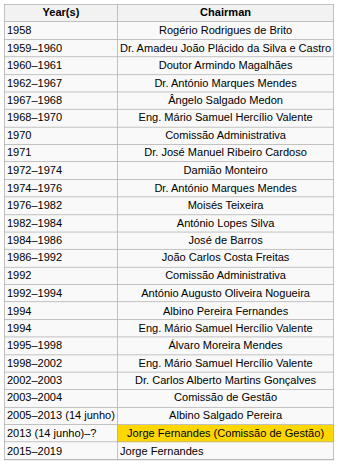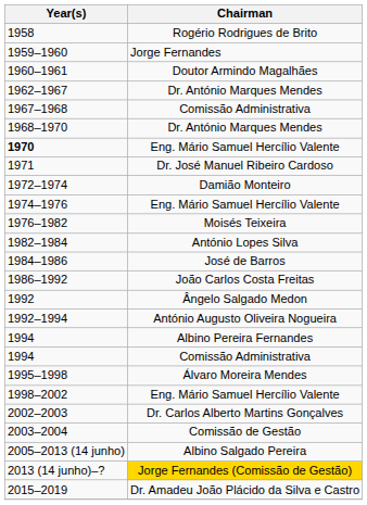 <table class="wikitable">
 <tr>
 <th>Year(s)</th>
 <th>Chairman</th>
 </tr>
 <tr>
 <td>1958</td>
 <td align=center>Rogério Rodrigues de Brito</td>
 </tr>
 <tr>
 <td>1959–1960</td>
-<td align=center>Dr. Amadeu João Plácido da Silva e Castro</td>
+<td>Jorge Fernandes</td>
 </tr>
 <tr>
 <td>1960–1961</td>
 <td align=center>Doutor Armindo Magalhães</td>
 </tr>
 <tr>
 <td>1962–1967</td>
 <td align=center>Dr. António Marques Mendes</td>
 </tr>
 <tr>
 <td>1967–1968</td>
-<td align=center>Ângelo Salgado Medon</td>
+<td align=center>Comissão Administrativa</td>
 </tr>
 <tr>
 <td>1968–1970</td>
-<td align=center>Eng. Mário Samuel Hercílio Valente</td>
+<td align=center>Dr. António Marques Mendes</td>
 </tr>
 <tr>
-<td>1970</td>
-<td align=center>Comissão Administrativa</td>
+<td><strong>1970</strong></td>
+<td align=center>Eng. Mário Samuel Hercílio Valente</td>
 </tr>
 <tr>
 <td>1971</td>
 <td align=center>Dr. José Manuel Ribeiro Cardoso</td>
 </tr>
 <tr>
 <td>1972–1974</td>
 <td align=center>Damião Monteiro</td>
 </tr>
 <tr>
 <td>1974–1976</td>
-<td align=center>Dr. António Marques Mendes</td>
+<td align=center>Eng. Mário Samuel Hercílio Valente</td>
 </tr>
 <tr>
 <td>1976–1982</td>
 <td align=center>Moisés Teixeira</td>
 </tr>
 <tr>
 <td>1982–1984</td>
 <td align=center>António Lopes Silva</td>
 </tr>
 <tr>
 <td>1984–1986</td>
 <td align=center>José de Barros</td>
 </tr>
 <tr>
 <td>1986–1992</td>
 <td align=center>João Carlos Costa Freitas</td>
 </tr>
 <tr>
 <td>1992</td>
-<td align=center>Comissão Administrativa</td>
+<td align=center>Ângelo Salgado Medon</td>
 </tr>
 <tr>
 <td>1992–1994</td>
 <td align=center>António Augusto Oliveira Nogueira</td>
 </tr>
 <tr>
 <td>1994</td>
 <td align=center>Albino Pereira Fernandes</td>
 </tr>
 <tr>
 <td>1994</td>
-<td align=center>Eng. Mário Samuel Hercílio Valente</td>
+<td align=center>Comissão Administrativa</td>
 </tr>
 <tr>
 <td>1995–1998</td>
 <td align=center>Álvaro Moreira Mendes</td>
 </tr>
 <tr>
 <td>1998–2002</td>
 <td align=center>Eng. Mário Samuel Hercílio Valente</td>
 </tr>
 <tr>
 <td>2002–2003</td>
 <td align=center>Dr. Carlos Alberto Martins Gonçalves</td>
 </tr>
 <tr>
 <td>2003–2004</td>
 <td align=center>Comissão de Gestão</td>
 </tr>
 <tr>
 <td>2005–2013 (14 junho)</td>
 <td align=center>Albino Salgado Pereira</td>
 </tr>
 <tr>
 <td>2013 (14 junho)–?</td>
 <td align=center bgcolor=gold>Jorge Fernandes (Comissão de Gestão)</td>
 </tr>
 <tr>
 <td>2015–2019</td>
-<td>Jorge Fernandes</td>
+<td align=center>Dr. Amadeu João Plácido da Silva e Castro</td>
 </tr>
 <tr>
 </tr>
 </table>
